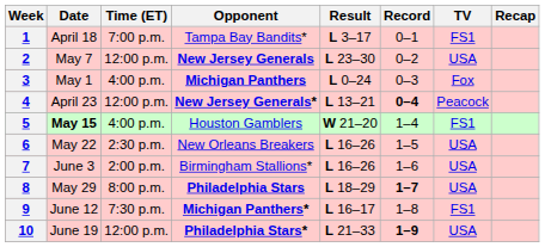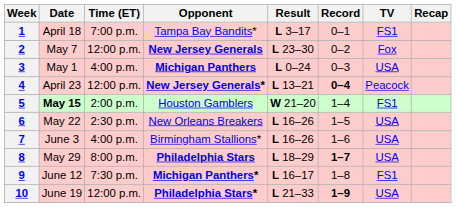 <table class="wikitable" style="text-align:center">
 <tr>
 <th>Week</th>
 <th>Date</th>
 <th>Time (ET)</th>
 <th>Opponent</th>
 <th>Result</th>
 <th>Record</th>
 <th>TV</th>
 <th>Recap</th>
 </tr>
 <tr style="background:#ffcccc">
 <th><a href='#'>1</a></th>
 <td>April 18</td>
 <td>7:00 p.m.</td>
 <td><a href='#'>Tampa Bay Bandits</a>*</td>
 <td><strong>L</strong> 3–17</td>
 <td>0–1</td>
 <td><a href='#'>FS1</a></td>
 <td></td>
 </tr>
 <tr style="background:#ffcccc">
 <th><a href='#'>2</a></th>
 <td>May 7</td>
 <td>12:00 p.m.</td>
 <td><strong><a href='#'>New Jersey Generals</a></strong></td>
 <td><strong>L</strong> 23–30</td>
 <td>0–2</td>
-<td><a href='#'>USA</a></td>
+<td><a href='#'>Fox</a></td>
 <td></td>
 </tr>
 <tr style="background:#ffcccc">
 <th><a href='#'>3</a></th>
 <td>May 1</td>
 <td>4:00 p.m.</td>
 <td><strong><a href='#'>Michigan Panthers</a></strong></td>
 <td><strong>L</strong> 0–24</td>
 <td>0–3</td>
-<td><a href='#'>Fox</a></td>
+<td><a href='#'>USA</a></td>
 <td></td>
 </tr>
 <tr style="background:#ffcccc">
 <th><a href='#'>4</a></th>
 <td>April 23</td>
 <td>12:00 p.m.</td>
 <td><strong><a href='#'>New Jersey Generals</a>*</strong></td>
 <td><strong>L</strong> 13–21</td>
 <td><strong>0–4</strong></td>
 <td><a href='#'>Peacock</a></td>
 <td></td>
 </tr>
 <tr style="background:#ccffcc">
 <th><a href='#'>5</a></th>
 <td><strong>May 15</strong></td>
-<td>4:00 p.m.</td>
+<td>2:00 p.m.</td>
 <td><a href='#'>Houston Gamblers</a></td>
 <td><strong>W</strong> 21–20</td>
 <td>1–4</td>
 <td><a href='#'>FS1</a></td>
 <td></td>
 </tr>
 <tr style="background:#ffcccc">
 <th><a href='#'>6</a></th>
 <td>May 22</td>
 <td>2:30 p.m.</td>
 <td><a href='#'>New Orleans Breakers</a></td>
 <td><strong>L</strong> 16–26</td>
 <td>1–5</td>
 <td><a href='#'>USA</a></td>
 <td></td>
 </tr>
 <tr style="background:#ffcccc">
 <th><a href='#'>7</a></th>
 <td>June 3</td>
-<td>2:00 p.m.</td>
+<td>4:00 p.m.</td>
 <td><a href='#'>Birmingham Stallions</a>*</td>
 <td><strong>L</strong> 16–26</td>
 <td>1–6</td>
 <td><a href='#'>USA</a></td>
 <td></td>
 </tr>
 <tr style="background:#ffcccc">
 <th><a href='#'>8</a></th>
 <td>May 29</td>
 <td>8:00 p.m.</td>
 <td><strong><a href='#'>Philadelphia Stars</a></strong></td>
 <td><strong>L</strong> 18–29</td>
 <td><strong>1–7</strong></td>
 <td><a href='#'>USA</a></td>
 <td></td>
 </tr>
 <tr style="background:#ffcccc">
 <th><a href='#'>9</a></th>
 <td>June 12</td>
 <td>7:30 p.m.</td>
 <td><strong><a href='#'>Michigan Panthers</a>*</strong></td>
 <td><strong>L</strong> 16–17</td>
 <td>1–8</td>
 <td><a href='#'>FS1</a></td>
 <td></td>
 </tr>
 <tr style="background:#ffcccc">
 <th><a href='#'>10</a></th>
 <td>June 19</td>
 <td>12:00 p.m.</td>
 <td><strong><a href='#'>Philadelphia Stars</a>*</strong></td>
 <td><strong>L</strong> 21–33</td>
 <td><strong>1–9</strong></td>
 <td><a href='#'>USA</a></td>
 <td></td>
 </tr>
 </table>
